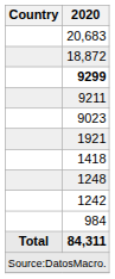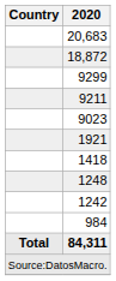 <table class="sortable wikitable centre">
 <tr>
 <th>Country</th>
 <th>2020</th>
 </tr>
 <tr bgcolor="ffffff">
 <td></td>
 <td align=right>20,683</td>
 </tr>
 <tr bgcolor="efefef">
 <td></td>
 <td align=right>18,872</td>
 </tr>
 <tr bgcolor="ffffff">
 <td></td>
-<td align=right><strong>9299</strong></td>
+<td align=right>9299</td>
 </tr>
 <tr bgcolor="efefef">
 <td></td>
 <td align=right>9211</td>
 </tr>
 <tr bgcolor="ffffff">
 <td></td>
 <td align=right>9023</td>
 </tr>
 <tr bgcolor="efefef">
 <td></td>
 <td align=right>1921</td>
 </tr>
 <tr bgcolor="ffffff">
 <td></td>
 <td align=right>1418</td>
 </tr>
 <tr bgcolor="efefef">
 <td></td>
 <td align=right>1248</td>
 </tr>
 <tr bgcolor="ffffff">
 <td></td>
 <td align=right>1242</td>
 </tr>
 <tr bgcolor="ffffff">
 <td></td>
 <td align=right>984</td>
 </tr>
 <tr bgcolor="efefef">
 <td colspan=1 style="background:#e9e9e9;" align=center><strong>Total</strong></td>
 <td align=right><strong>84,311</strong></td>
 </tr>
 <tr bgcolor="ffffff">
 <td colspan=5 style="background:#e9e9e9;" align=center><small>Source:DatosMacro.</small></td>
 </tr>
 <tr>
 </tr>
 </table>
